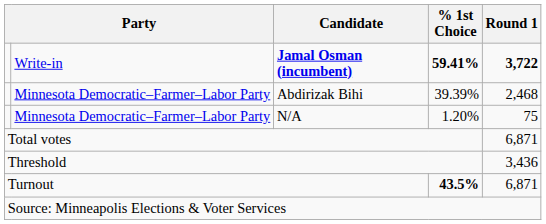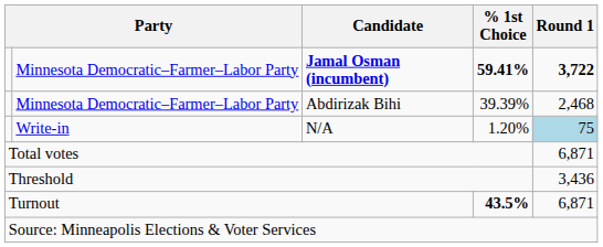 <table class="wikitable">
 <tr>
 <th colspan="2" style="width:290px">Party</th>
 <th style="width:165px">Candidate</th>
 <th>% 1st<br>Choice</th>
 <th>Round 1</th>
 </tr>
 <tr>
 <td style="background-color:"></td>
-<td><a href='#'>Write-in</a></td>
+<td><a href='#'>Minnesota Democratic–Farmer–Labor Party</a></td>
 <td><strong><a href='#'>Jamal Osman (incumbent)</a></strong></td>
 <td align="right"><strong>59.41%</strong></td>
 <td align="right"><strong>3,722</strong></td>
 </tr>
 <tr>
 <td style="background-color:"></td>
 <td><a href='#'>Minnesota Democratic–Farmer–Labor Party</a></td>
 <td>Abdirizak Bihi</td>
 <td align="right">39.39%</td>
 <td align="right">2,468</td>
 </tr>
 <tr>
 <td style="background-color:"></td>
-<td><a href='#'>Minnesota Democratic–Farmer–Labor Party</a></td>
+<td><a href='#'>Write-in</a></td>
 <td>N/A</td>
 <td align="right">1.20%</td>
-<td align="right">75</td>
+<td align="right" style="background: lightblue;">75</td>
 </tr>
 <tr>
 <td colspan="4">Total votes</td>
 <td align="right">6,871</td>
 </tr>
 <tr>
 <td colspan="4">Threshold</td>
 <td align="right">3,436</td>
 </tr>
 <tr>
 <td colspan="3">Turnout</td>
 <td align="right"><strong>43.5%</strong></td>
 <td align="right">6,871</td>
 </tr>
 <tr>
 <td colspan="8">Source: Minneapolis Elections & Voter Services</td>
 </tr>
 </table>
